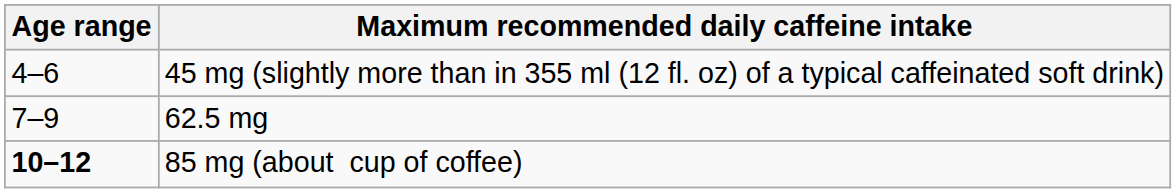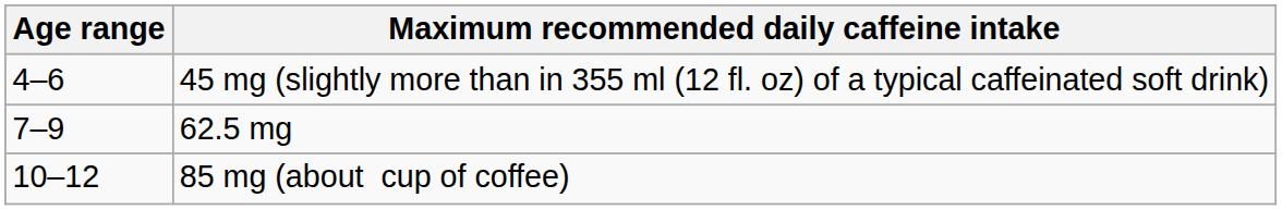 <table class="wikitable">
 <tr>
 <th scope="col">Age range</th>
 <th scope="col">Maximum recommended daily caffeine intake</th>
 </tr>
 <tr>
 <td>4–6</td>
 <td>45 mg (slightly more than in 355 ml (12 fl. oz) of a typical caffeinated soft drink)</td>
 </tr>
 <tr>
 <td>7–9</td>
 <td>62.5 mg</td>
 </tr>
 <tr>
-<td><strong>10–12</strong></td>
+<td>10–12</td>
 <td>85 mg (about  cup of coffee)</td>
 </tr>
 </table>
